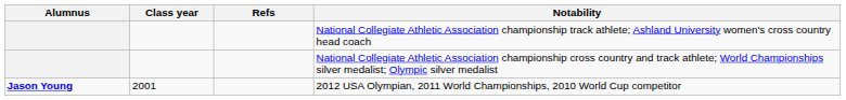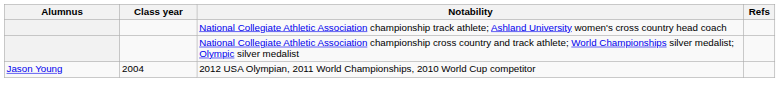 <table class="wikitable plainrowheaders sortable" width=100%>
 <tr valign="top">
 <th scope="col" width="15%">Alumnus</th>
 <th scope="col" width="10%">Class year</th>
+<th scope="col" width="71%" class="unsortable">Notability</th>
 <th scope="col" width="12%" class="unsortable">Refs</th>
-<th scope="col" width="71%" class="unsortable">Notability</th>
 </tr>
 <tr valign="top">
 <th scope="row"></th>
 <td align="center"></td>
+<td><a href='#'>National Collegiate Athletic Association</a> championship track athlete; <a href='#'>Ashland University</a> women's cross country head coach</td>
 <td align="center"></td>
-<td><a href='#'>National Collegiate Athletic Association</a> championship track athlete; <a href='#'>Ashland University</a> women's cross country head coach</td>
 </tr>
 <tr valign="top">
 <th scope="row"></th>
 <td align="center"></td>
+<td><a href='#'>National Collegiate Athletic Association</a> championship cross country and track athlete; <a href='#'>World Championships</a> silver medalist; <a href='#'>Olympic</a> silver medalist</td>
 <td align="center"></td>
-<td><a href='#'>National Collegiate Athletic Association</a> championship cross country and track athlete; <a href='#'>World Championships</a> silver medalist; <a href='#'>Olympic</a> silver medalist</td>
 </tr>
 <tr>
-<td><strong><a href='#'>Jason Young</a></strong></td>
-<td>2001</td>
+<td><a href='#'>Jason Young</a></td>
+<td>2004</td>
+<td>2012 USA Olympian, 2011 World Championships, 2010 World Cup competitor</td>
 <td></td>
-<td>2012 USA Olympian, 2011 World Championships, 2010 World Cup competitor</td>
 </tr>
 </table>
